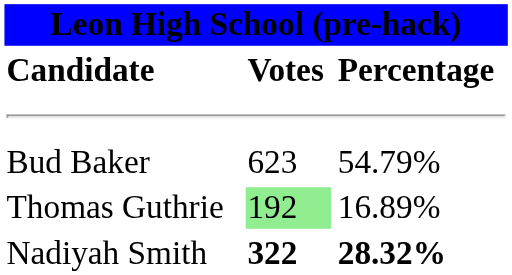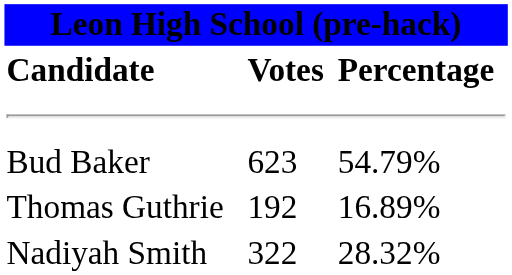 <table class="toccolours" style="fixed: left; margin-left: 1em;" width="250px">
 <tr>
 <th colspan="3" style="text-align: center; background:blue"><span><strong>Leon High School (pre-hack)</strong></span></th>
 </tr>
 <tr>
 <td><strong>Candidate</strong></td>
 <td><strong>Votes</strong></td>
 <td><strong>Percentage</strong></td>
 </tr>
 <tr>
 <td colspan="3"><hr></td>
 </tr>
 <tr>
 <td>Bud Baker</td>
 <td>623</td>
 <td>54.79%</td>
 </tr>
 <tr>
 <td>Thomas Guthrie</td>
-<td style="background: lightgreen;">192</td>
+<td>192</td>
 <td>16.89%</td>
 </tr>
 <tr>
 <td>Nadiyah Smith</td>
-<td><strong>322</strong></td>
-<td><strong>28.32%</strong></td>
+<td>322</td>
+<td>28.32%</td>
 <td></td>
 </tr>
 </table>
